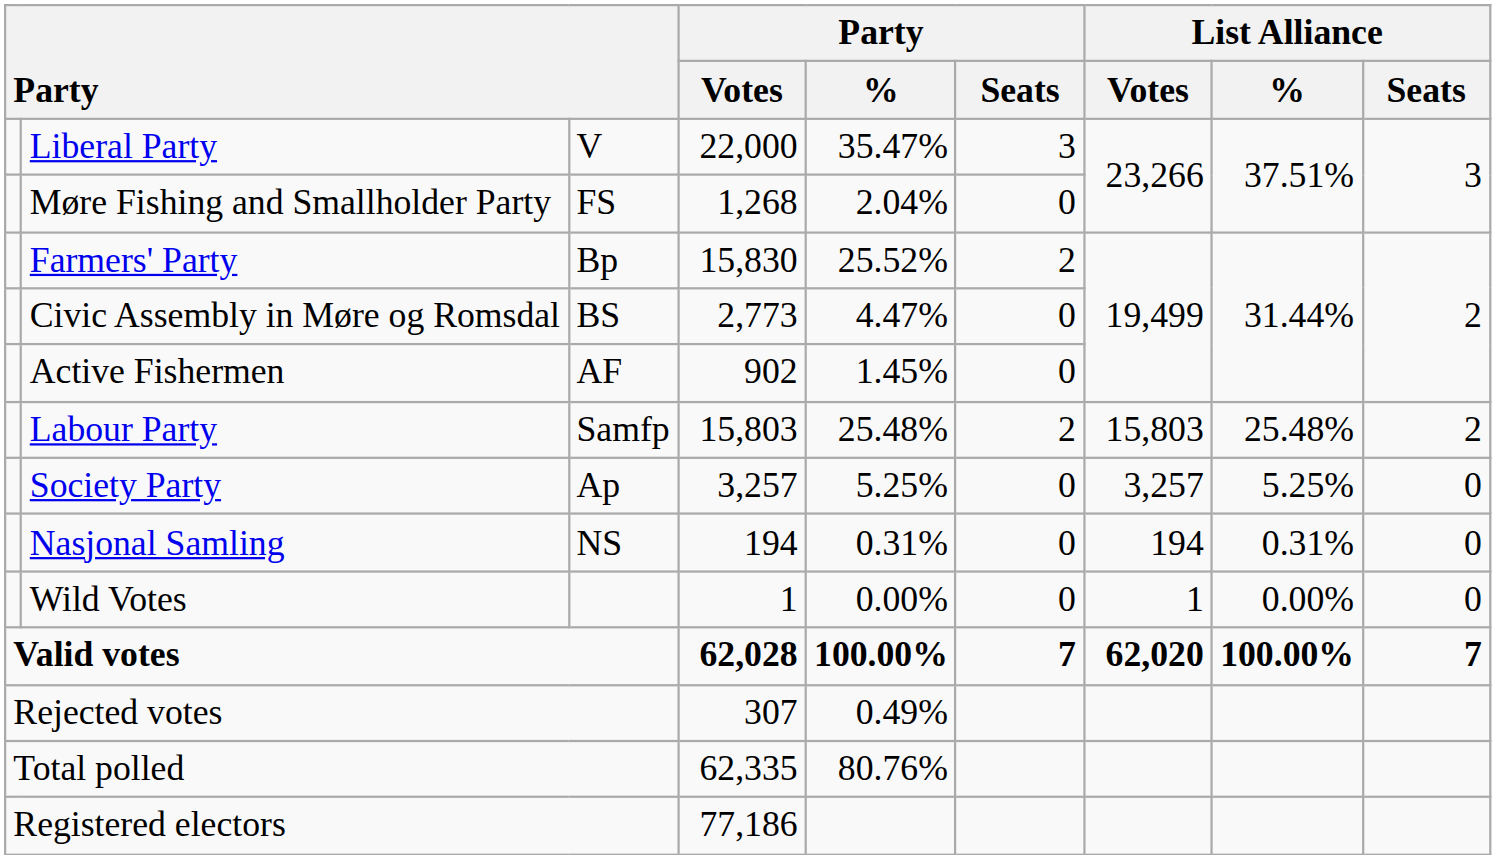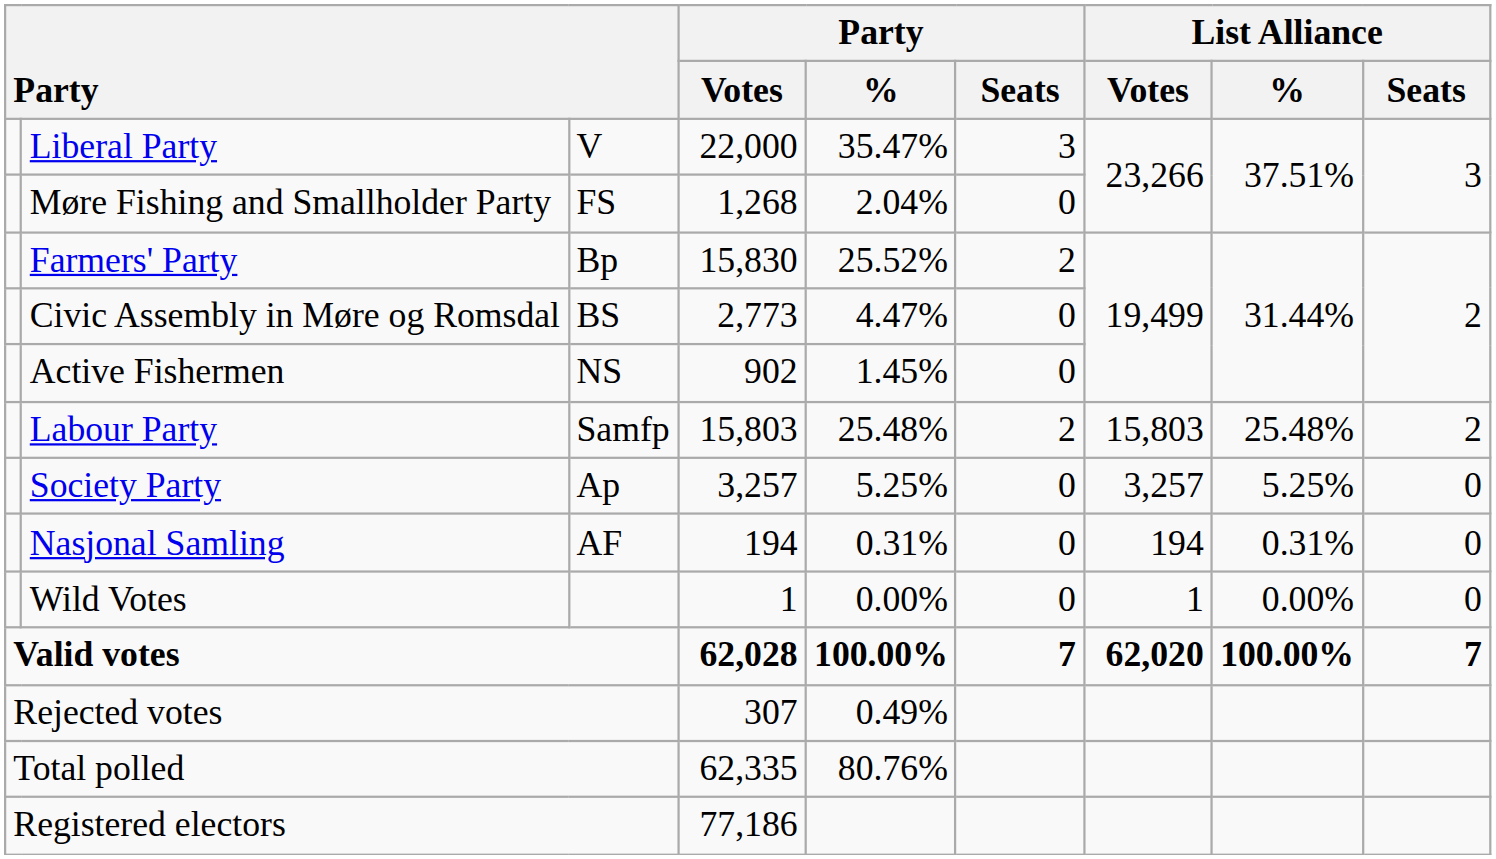 <table class="wikitable" border="1" style="text-align:right;">
 <tr>
 <th style="text-align:left;" valign=bottom rowspan=2 colspan=3>Party</th>
 <th colspan=3>Party</th>
 <th colspan=3>List Alliance</th>
 </tr>
 <tr>
 <th align=center valign=bottom width="50">Votes</th>
 <th align=center valign=bottom width="50">%</th>
 <th align=center valign=bottom width="50">Seats</th>
 <th align=center valign=bottom width="50">Votes</th>
 <th align=center valign=bottom width="50">%</th>
 <th align=center valign=bottom width="50">Seats</th>
 </tr>
 <tr>
 <td style="color:inherit;background:"></td>
 <td align=left><a href='#'>Liberal Party</a></td>
 <td align=left>V</td>
 <td>22,000</td>
 <td>35.47%</td>
 <td>3</td>
 <td rowspan=2>23,266</td>
 <td rowspan=2>37.51%</td>
 <td rowspan=2>3</td>
 </tr>
 <tr>
 <td></td>
 <td align=left>Møre Fishing and Smallholder Party</td>
 <td align=left>FS</td>
 <td>1,268</td>
 <td>2.04%</td>
 <td>0</td>
 </tr>
 <tr>
 <td style="color:inherit;background:"></td>
 <td align=left><a href='#'>Farmers' Party</a></td>
 <td align=left>Bp</td>
 <td>15,830</td>
 <td>25.52%</td>
 <td>2</td>
 <td rowspan=3>19,499</td>
 <td rowspan=3>31.44%</td>
 <td rowspan=3>2</td>
 </tr>
 <tr>
 <td></td>
 <td align=left>Civic Assembly in Møre og Romsdal</td>
 <td align=left>BS</td>
 <td>2,773</td>
 <td>4.47%</td>
 <td>0</td>
 </tr>
 <tr>
 <td></td>
 <td align=left>Active Fishermen</td>
-<td align=left>AF</td>
+<td align=left>NS</td>
 <td>902</td>
 <td>1.45%</td>
 <td>0</td>
 </tr>
 <tr>
 <td style="color:inherit;background:"></td>
 <td align=left><a href='#'>Labour Party</a></td>
 <td align=left>Samfp</td>
 <td>15,803</td>
 <td>25.48%</td>
 <td>2</td>
 <td>15,803</td>
 <td>25.48%</td>
 <td>2</td>
 </tr>
 <tr>
 <td></td>
 <td align=left><a href='#'>Society Party</a></td>
 <td align=left>Ap</td>
 <td>3,257</td>
 <td>5.25%</td>
 <td>0</td>
 <td>3,257</td>
 <td>5.25%</td>
 <td>0</td>
 </tr>
 <tr>
 <td style="color:inherit;background:"></td>
 <td align=left><a href='#'>Nasjonal Samling</a></td>
-<td align=left>NS</td>
+<td align=left>AF</td>
 <td>194</td>
 <td>0.31%</td>
 <td>0</td>
 <td>194</td>
 <td>0.31%</td>
 <td>0</td>
 </tr>
 <tr>
 <td></td>
 <td align=left>Wild Votes</td>
 <td align=left></td>
 <td>1</td>
 <td>0.00%</td>
 <td>0</td>
 <td>1</td>
 <td>0.00%</td>
 <td>0</td>
 </tr>
 <tr style="font-weight:bold">
 <td align=left colspan=3>Valid votes</td>
 <td>62,028</td>
 <td>100.00%</td>
 <td>7</td>
 <td>62,020</td>
 <td>100.00%</td>
 <td>7</td>
 </tr>
 <tr>
 <td align=left colspan=3>Rejected votes</td>
 <td>307</td>
 <td>0.49%</td>
 <td></td>
 <td></td>
 <td></td>
 <td></td>
 </tr>
 <tr>
 <td align=left colspan=3>Total polled</td>
 <td>62,335</td>
 <td>80.76%</td>
 <td></td>
 <td></td>
 <td></td>
 <td></td>
 </tr>
 <tr>
 <td align=left colspan=3>Registered electors</td>
 <td>77,186</td>
 <td></td>
 <td></td>
 <td></td>
 <td></td>
 <td></td>
 </tr>
 </table>
